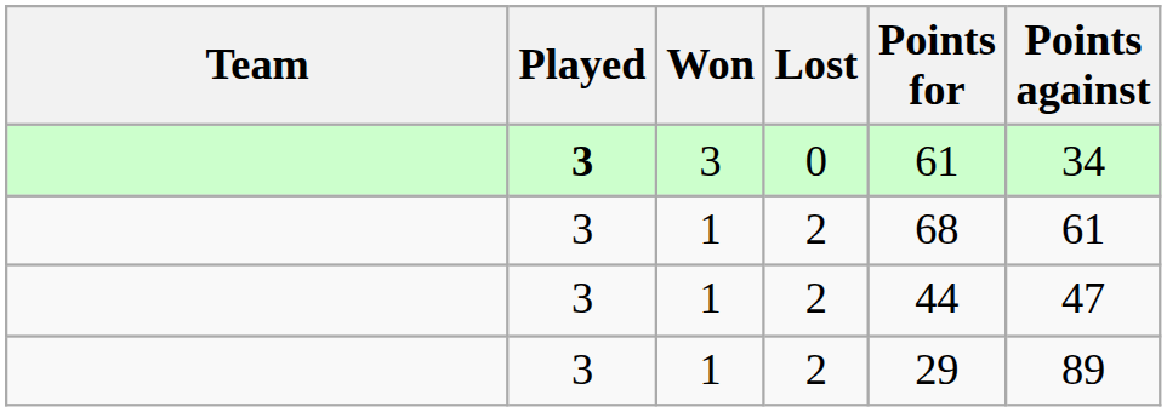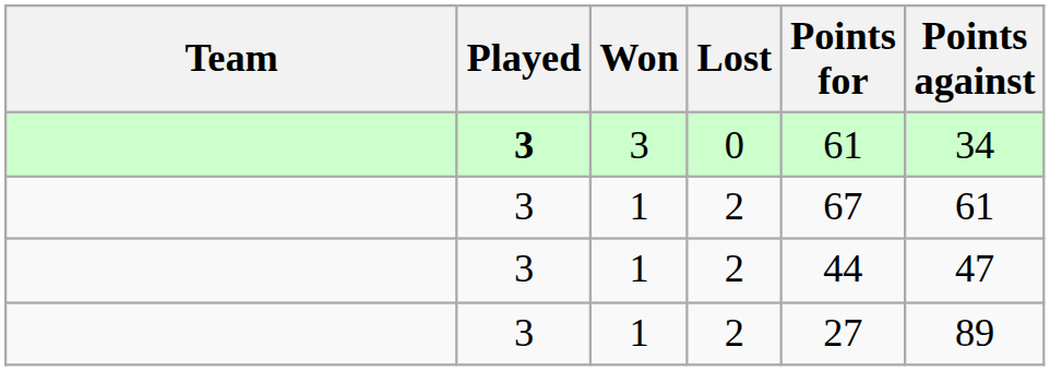 <table class="wikitable" style="text-align:center;">
 <tr>
 <th width=175>Team</th>
 <th width=20>Played</th>
 <th width=20>Won</th>
 <th width=20>Lost</th>
 <th width=20>Points for</th>
 <th width=20>Points against</th>
 </tr>
 <tr bgcolor=#ccffcc>
 <td style="text-align:left;"></td>
 <td><strong>3</strong></td>
 <td>3</td>
 <td>0</td>
 <td>61</td>
 <td>34</td>
 </tr>
 <tr>
 <td style="text-align:left;"></td>
 <td>3</td>
 <td>1</td>
 <td>2</td>
-<td>68</td>
+<td>67</td>
 <td>61</td>
 </tr>
 <tr>
 <td style="text-align:left;"></td>
 <td>3</td>
 <td>1</td>
 <td>2</td>
 <td>44</td>
 <td>47</td>
 </tr>
 <tr>
 <td style="text-align:left;"></td>
 <td>3</td>
 <td>1</td>
 <td>2</td>
-<td>29</td>
+<td>27</td>
 <td>89</td>
 </tr>
 </table>
